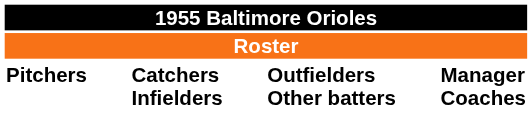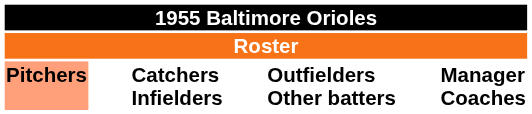 <table class="toccolours" style="font-size: 95%;">
 <tr>
 <th colspan="10" style="background-color: black; color: white; text-align: center;">1955 Baltimore Orioles</th>
 </tr>
 <tr>
 <td colspan="10" style="background-color: #F87217; color: white; text-align: center;"><strong>Roster</strong></td>
 </tr>
 <tr>
-<td valign="top"><strong>Pitchers</strong><br>                      </td>
+<td valign="top" style="background: lightsalmon;"><strong>Pitchers</strong><br>                      </td>
 <td width="25px"></td>
 <td valign="top"><strong>Catchers</strong><br>   <strong>Infielders</strong>              </td>
 <td width="25px"></td>
 <td valign="top"><strong>Outfielders</strong><br>             <strong>Other batters</strong> </td>
 <td width="25px"></td>
 <td valign="top"><strong>Manager</strong><br> <strong>Coaches</strong>    </td>
 </tr>
 <tr>
 </tr>
 </table>
